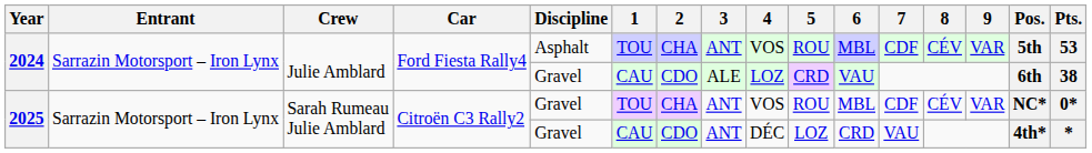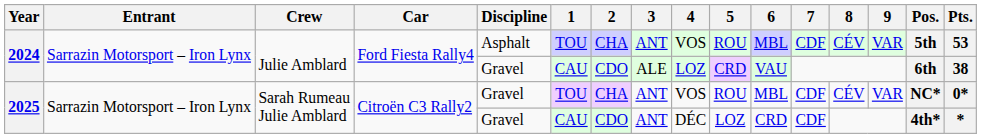 <table class="wikitable" style="text-align:center; font-size:85%">
 <tr>
 <th>Year</th>
 <th>Entrant</th>
 <th>Crew</th>
 <th>Car</th>
 <th>Discipline</th>
 <th>1</th>
 <th>2</th>
 <th>3</th>
 <th>4</th>
 <th>5</th>
 <th>6</th>
 <th>7</th>
 <th>8</th>
 <th>9</th>
 <th>Pos.</th>
 <th>Pts.</th>
 </tr>
 <tr>
 <th rowspan=2><a href='#'>2024</a></th>
 <td align=left rowspan=2 nowrap> <a href='#'>Sarrazin Motorsport</a> – <a href='#'>Iron Lynx</a></td>
 <td align=left rowspan=2><br> Julie Amblard</td>
 <td align=left rowspan=2 nowrap><a href='#'>Ford Fiesta Rally4</a></td>
 <td align=left>Asphalt</td>
 <td style="background-color:#CFCFFF"><a href='#'>TOU</a><br></td>
 <td style="background-color:#CFCFFF"><a href='#'>CHA</a><br></td>
 <td style="background-color:#DFFFDF"><a href='#'>ANT</a><br></td>
 <td style="background-color:#DFFFDF">VOS<br></td>
 <td style="background-color:#DFFFDF"><a href='#'>ROU</a><br></td>
 <td style="background-color:#CFCFFF"><a href='#'>MBL</a><br></td>
 <td style="background-color:#DFFFDF"><a href='#'>CDF</a><br></td>
 <td style="background-color:#DFFFDF"><a href='#'>CÉV</a><br></td>
 <td style="background-color:#DFFFDF"><a href='#'>VAR</a><br></td>
 <th>5th</th>
 <th>53</th>
 </tr>
 <tr>
 <td align=left>Gravel</td>
 <td style="background-color:#DFFFDF"><a href='#'>CAU</a><br></td>
 <td style="background-color:#DFFFDF"><a href='#'>CDO</a><br></td>
 <td style="background-color:#DFFFDF">ALE<br></td>
 <td style="background-color:#DFFFDF"><a href='#'>LOZ</a><br></td>
 <td style="background-color:#efcfff"><a href='#'>CRD</a><br></td>
 <td style="background-color:#DFFFDF"><a href='#'>VAU</a><br></td>
 <td colspan=3></td>
 <th>6th</th>
 <th>38</th>
 </tr>
 <tr>
 <th rowspan=2><a href='#'>2025</a></th>
 <td align=left rowspan=2> Sarrazin Motorsport – Iron Lynx</td>
 <td align=left rowspan=2> Sarah Rumeau<br> Julie Amblard</td>
 <td align=left rowspan=2><a href='#'>Citroën C3 Rally2</a></td>
 <td align=left>Gravel</td>
 <td style="background-color:#efcfff"><a href='#'>TOU</a><br></td>
 <td style="background-color:#efcfff"><a href='#'>CHA</a><br></td>
 <td><a href='#'>ANT</a></td>
 <td>VOS</td>
 <td><a href='#'>ROU</a></td>
 <td><a href='#'>MBL</a></td>
 <td><a href='#'>CDF</a></td>
 <td><a href='#'>CÉV</a></td>
 <td><a href='#'>VAR</a></td>
 <th>NC*</th>
 <th>0*</th>
 </tr>
 <tr>
 <td align=left>Gravel</td>
 <td style="background-color:#DFFFDF"><a href='#'>CAU</a><br></td>
 <td style="background-color:#DFFFDF"><a href='#'>CDO</a><br></td>
 <td><a href='#'>ANT</a></td>
 <td>DÉC</td>
 <td><a href='#'>LOZ</a></td>
 <td><a href='#'>CRD</a></td>
-<td><a href='#'>VAU</a></td>
+<td><a href='#'>CDF</a></td>
 <td colspan=2></td>
 <th>4th*</th>
 <th>*</th>
 </tr>
 </table>
